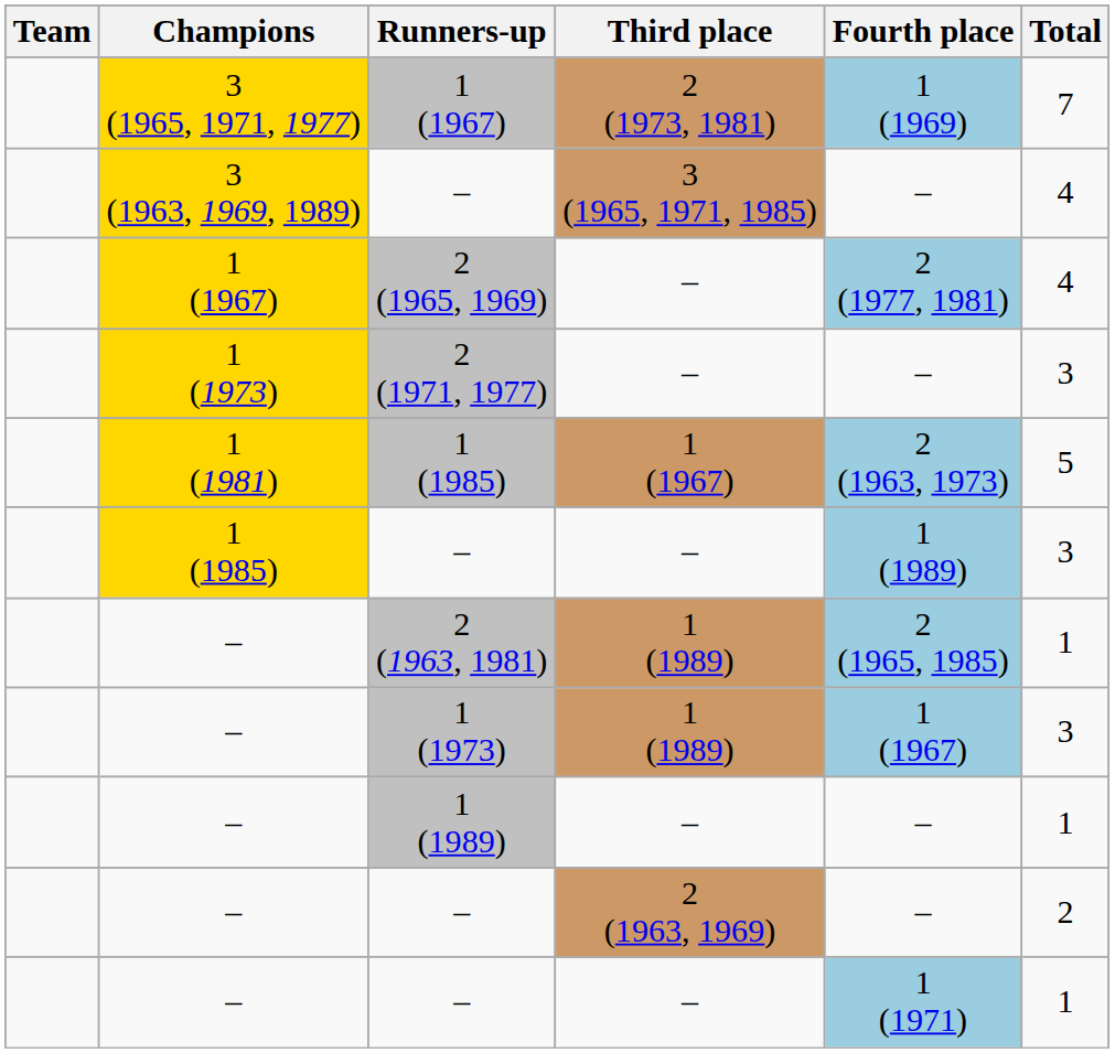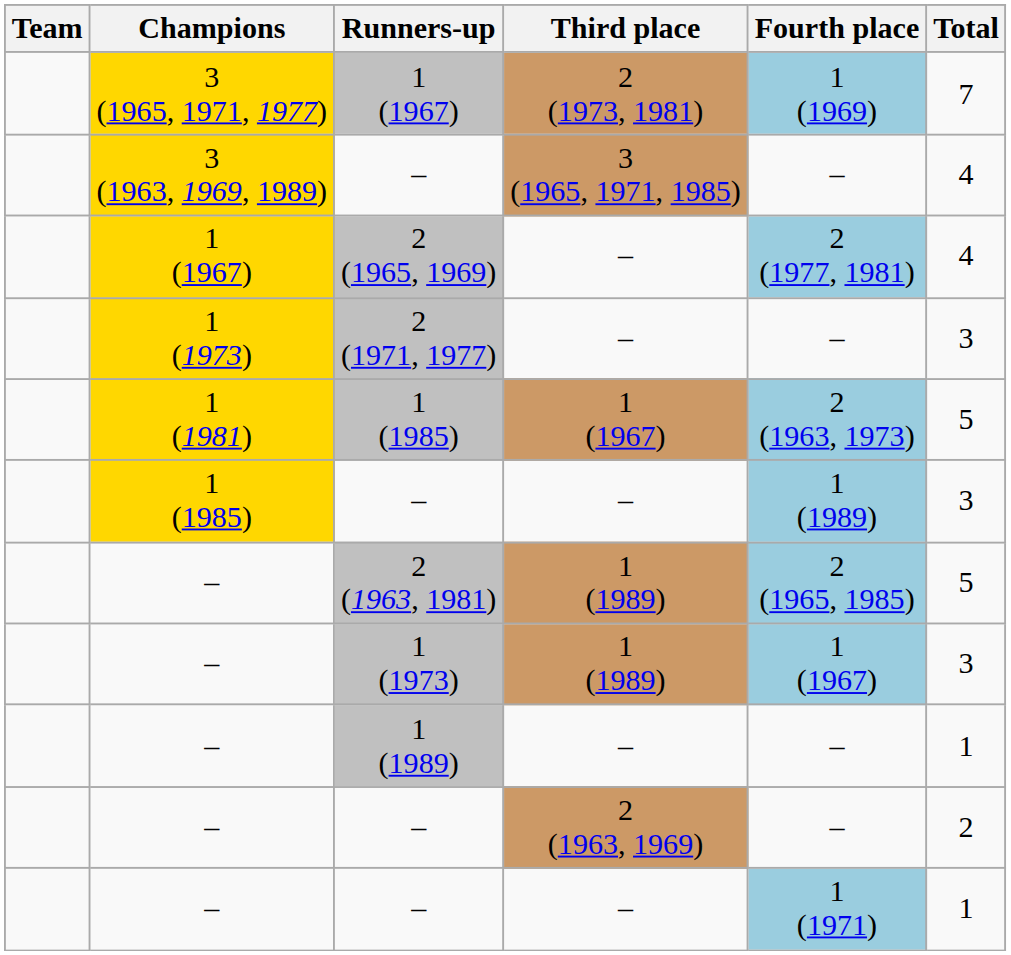 <table class="wikitable" style="text-align: center;">
 <tr>
 <th>Team</th>
 <th>Champions</th>
 <th>Runners-up</th>
 <th>Third place</th>
 <th>Fourth place</th>
 <th>Total</th>
 </tr>
 <tr>
 <td align=left></td>
 <td style="background:gold">3<br>(<a href='#'>1965</a>, <a href='#'>1971</a>, <em><a href='#'>1977</a></em>)</td>
 <td style="background:silver">1<br>(<a href='#'>1967</a>)</td>
 <td style="background:#c96">2<br>(<a href='#'>1973</a>, <a href='#'>1981</a>)</td>
 <td style="background:#9acddf">1<br>(<a href='#'>1969</a>)</td>
 <td>7</td>
 </tr>
 <tr>
 <td align=left></td>
 <td style="background:gold">3<br>(<a href='#'>1963</a>, <em><a href='#'>1969</a></em>, <a href='#'>1989</a>)</td>
 <td>–</td>
 <td style="background:#c96">3<br>(<a href='#'>1965</a>, <a href='#'>1971</a>, <a href='#'>1985</a>)</td>
 <td>–</td>
 <td>4</td>
 </tr>
 <tr>
 <td align=left></td>
 <td style="background:gold">1<br>(<a href='#'>1967</a>)</td>
 <td style="background:silver">2<br>(<a href='#'>1965</a>, <a href='#'>1969</a>)</td>
 <td>–</td>
 <td style="background:#9acddf">2<br>(<a href='#'>1977</a>, <a href='#'>1981</a>)</td>
 <td>4</td>
 </tr>
 <tr>
 <td align=left></td>
 <td style="background:gold">1<br>(<em><a href='#'>1973</a></em>)</td>
 <td style="background:silver">2<br>(<a href='#'>1971</a>, <a href='#'>1977</a>)</td>
 <td>–</td>
 <td>–</td>
 <td>3</td>
 </tr>
 <tr>
 <td align=left></td>
 <td style="background:gold">1<br>(<em><a href='#'>1981</a></em>)</td>
 <td style="background:silver">1<br>(<a href='#'>1985</a>)</td>
 <td style="background:#c96">1<br>(<a href='#'>1967</a>)</td>
 <td style="background:#9acddf">2<br>(<a href='#'>1963</a>, <a href='#'>1973</a>)</td>
 <td>5</td>
 </tr>
 <tr>
 <td align=left></td>
 <td style="background:gold">1<br>(<a href='#'>1985</a>)</td>
 <td>–</td>
 <td>–</td>
 <td style="background:#9acddf">1<br>(<a href='#'>1989</a>)</td>
 <td>3</td>
 </tr>
 <tr>
 <td align=left></td>
 <td>–</td>
 <td style="background:silver">2<br>(<em><a href='#'>1963</a></em>, <a href='#'>1981</a>)</td>
 <td style="background:#C96">1<br>(<a href='#'>1989</a>)</td>
 <td style="background:#9acddf">2<br>(<a href='#'>1965</a>, <a href='#'>1985</a>)</td>
-<td>1</td>
+<td>5</td>
 </tr>
 <tr>
 <td align=left></td>
 <td>–</td>
 <td style="background:silver">1<br>(<a href='#'>1973</a>)</td>
 <td style="background:#C96">1<br>(<a href='#'>1989</a>)</td>
 <td style="background:#9acddf">1<br>(<a href='#'>1967</a>)</td>
 <td>3</td>
 </tr>
 <tr>
 <td align=left></td>
 <td>–</td>
 <td style="background:silver">1<br>(<a href='#'>1989</a>)</td>
 <td>–</td>
 <td>–</td>
 <td>1</td>
 </tr>
 <tr>
 <td align=left></td>
 <td>–</td>
 <td>–</td>
 <td style="background:#c96">2<br>(<a href='#'>1963</a>, <a href='#'>1969</a>)</td>
 <td>–</td>
 <td>2</td>
 </tr>
 <tr>
 <td align=left></td>
 <td>–</td>
 <td>–</td>
 <td>–</td>
 <td style="background:#9acddf">1<br>(<a href='#'>1971</a>)</td>
 <td>1</td>
 </tr>
 </table>
